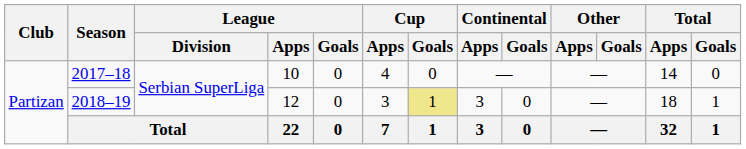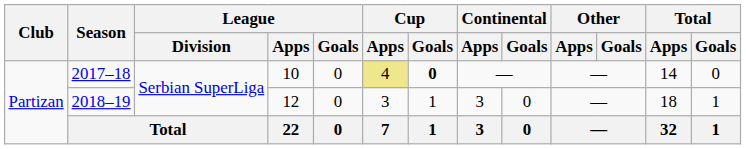 <table class="wikitable" style="text-align: center;font-size:90%">
 <tr>
 <th rowspan="2">Club</th>
 <th rowspan="2">Season</th>
 <th colspan="3">League</th>
 <th colspan="2">Cup</th>
 <th colspan="2">Continental</th>
 <th colspan="2">Other</th>
 <th colspan="2">Total</th>
 </tr>
 <tr>
 <th>Division</th>
 <th>Apps</th>
 <th>Goals</th>
 <th>Apps</th>
 <th>Goals</th>
 <th>Apps</th>
 <th>Goals</th>
 <th>Apps</th>
 <th>Goals</th>
 <th>Apps</th>
 <th>Goals</th>
 </tr>
 <tr>
 <td rowspan="3"><a href='#'>Partizan</a></td>
 <td><a href='#'>2017–18</a></td>
 <td rowspan=2><a href='#'>Serbian SuperLiga</a></td>
 <td>10</td>
 <td>0</td>
-<td>4</td>
-<td>0</td>
+<td style="background: khaki;">4</td>
+<td><strong>0</strong></td>
 <td colspan="2">—</td>
 <td colspan="2">—</td>
 <td>14</td>
 <td>0</td>
 </tr>
 <tr>
 <td><a href='#'>2018–19</a></td>
 <td>12</td>
 <td>0</td>
 <td>3</td>
-<td style="background: khaki;">1</td>
+<td>1</td>
 <td>3</td>
 <td>0</td>
 <td colspan="2">—</td>
 <td>18</td>
 <td>1</td>
 </tr>
 <tr>
 <th colspan="2">Total</th>
 <th>22</th>
 <th>0</th>
 <th>7</th>
 <th>1</th>
 <th>3</th>
 <th>0</th>
 <th colspan="2">—</th>
 <th>32</th>
 <th>1</th>
 </tr>
 </table>
